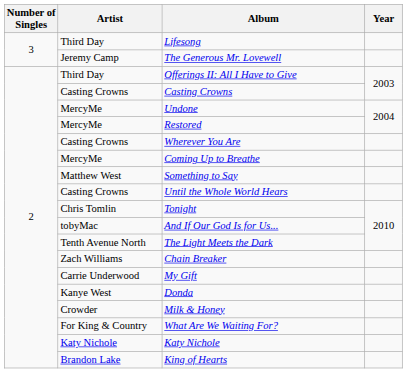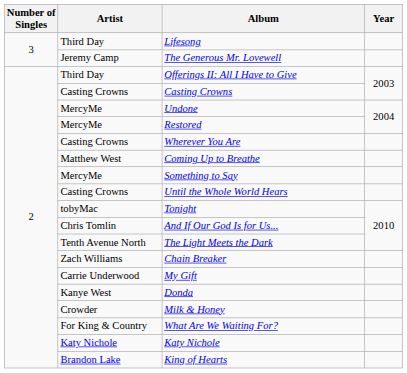 <table class="wikitable">
 <tr>
 <th>Number of <br>Singles</th>
 <th width=150>Artist</th>
 <th width=300>Album</th>
 <th width=50>Year</th>
 </tr>
 <tr>
 <td rowspan="2" style="text-align:center;">3</td>
 <td>Third Day</td>
 <td><em><a href='#'>Lifesong</a></em></td>
 <td></td>
 </tr>
 <tr>
 <td>Jeremy Camp</td>
 <td><em><a href='#'>The Generous Mr. Lovewell</a></em></td>
 <td></td>
 </tr>
 <tr>
 <td rowspan="18" style="text-align:center;">2</td>
 <td>Third Day</td>
 <td><em><a href='#'>Offerings II: All I Have to Give</a></em></td>
 <td rowspan="2" style="text-align:center;">2003</td>
 </tr>
 <tr>
 <td>Casting Crowns</td>
 <td><em><a href='#'>Casting Crowns</a></em></td>
 </tr>
 <tr>
 <td>MercyMe</td>
 <td><em><a href='#'>Undone</a></em></td>
 <td rowspan="2" style="text-align:center;">2004</td>
 </tr>
 <tr>
 <td>MercyMe</td>
 <td><em><a href='#'>Restored</a></em></td>
 </tr>
 <tr>
 <td>Casting Crowns</td>
 <td><em><a href='#'>Wherever You Are</a></em></td>
 <td></td>
 </tr>
 <tr>
-<td>MercyMe</td>
+<td>Matthew West</td>
 <td><em><a href='#'>Coming Up to Breathe</a></em></td>
 <td></td>
 </tr>
 <tr>
-<td>Matthew West</td>
+<td>MercyMe</td>
 <td><em><a href='#'>Something to Say</a></em></td>
 <td></td>
 </tr>
 <tr>
 <td>Casting Crowns</td>
 <td><em><a href='#'>Until the Whole World Hears</a></em></td>
 <td></td>
 </tr>
 <tr>
-<td>Chris Tomlin</td>
+<td>tobyMac</td>
 <td><em><a href='#'>Tonight</a></em></td>
 <td rowspan="3" style="text-align:center;">2010</td>
 </tr>
 <tr>
-<td>tobyMac</td>
+<td>Chris Tomlin</td>
 <td><em><a href='#'>And If Our God Is for Us...</a></em></td>
 </tr>
 <tr>
 <td>Tenth Avenue North</td>
 <td><em><a href='#'>The Light Meets the Dark</a></em></td>
 </tr>
 <tr>
 <td>Zach Williams</td>
 <td><em><a href='#'>Chain Breaker</a></em></td>
 <td></td>
 </tr>
 <tr>
 <td>Carrie Underwood</td>
 <td><em><a href='#'>My Gift</a></em></td>
 <td></td>
 </tr>
 <tr>
 <td>Kanye West</td>
 <td><em><a href='#'>Donda</a></em></td>
 <td></td>
 </tr>
 <tr>
 <td>Crowder</td>
 <td><em><a href='#'>Milk & Honey</a></em></td>
 <td></td>
 </tr>
 <tr>
 <td>For King & Country</td>
 <td><em><a href='#'>What Are We Waiting For?</a></em></td>
 <td></td>
 </tr>
 <tr>
 <td><a href='#'>Katy Nichole</a></td>
 <td><em><a href='#'>Katy Nichole</a></em></td>
 <td></td>
 </tr>
 <tr>
 <td><a href='#'>Brandon Lake</a></td>
 <td><em><a href='#'>King of Hearts</a></em></td>
 <td></td>
 </tr>
 </table>
